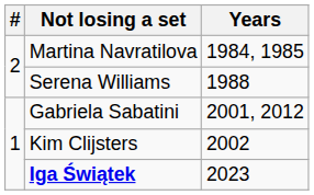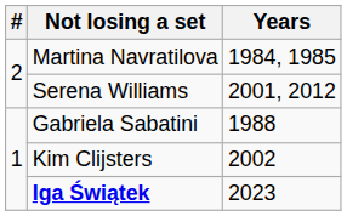 <table class="wikitable">
 <tr>
 <th>#</th>
 <th>Not losing a set</th>
 <th>Years</th>
 </tr>
 <tr>
 <td rowspan="2">2</td>
 <td> Martina Navratilova</td>
 <td>1984, 1985</td>
 </tr>
 <tr>
 <td> Serena Williams</td>
-<td>1988</td>
+<td>2001, 2012</td>
 </tr>
 <tr>
 <td rowspan="3">1</td>
 <td> Gabriela Sabatini</td>
-<td>2001, 2012</td>
+<td>1988</td>
 </tr>
 <tr>
 <td> Kim Clijsters</td>
 <td>2002</td>
 </tr>
 <tr>
 <td> <strong><a href='#'>Iga Świątek</a></strong></td>
 <td>2023</td>
 </tr>
 </table>
